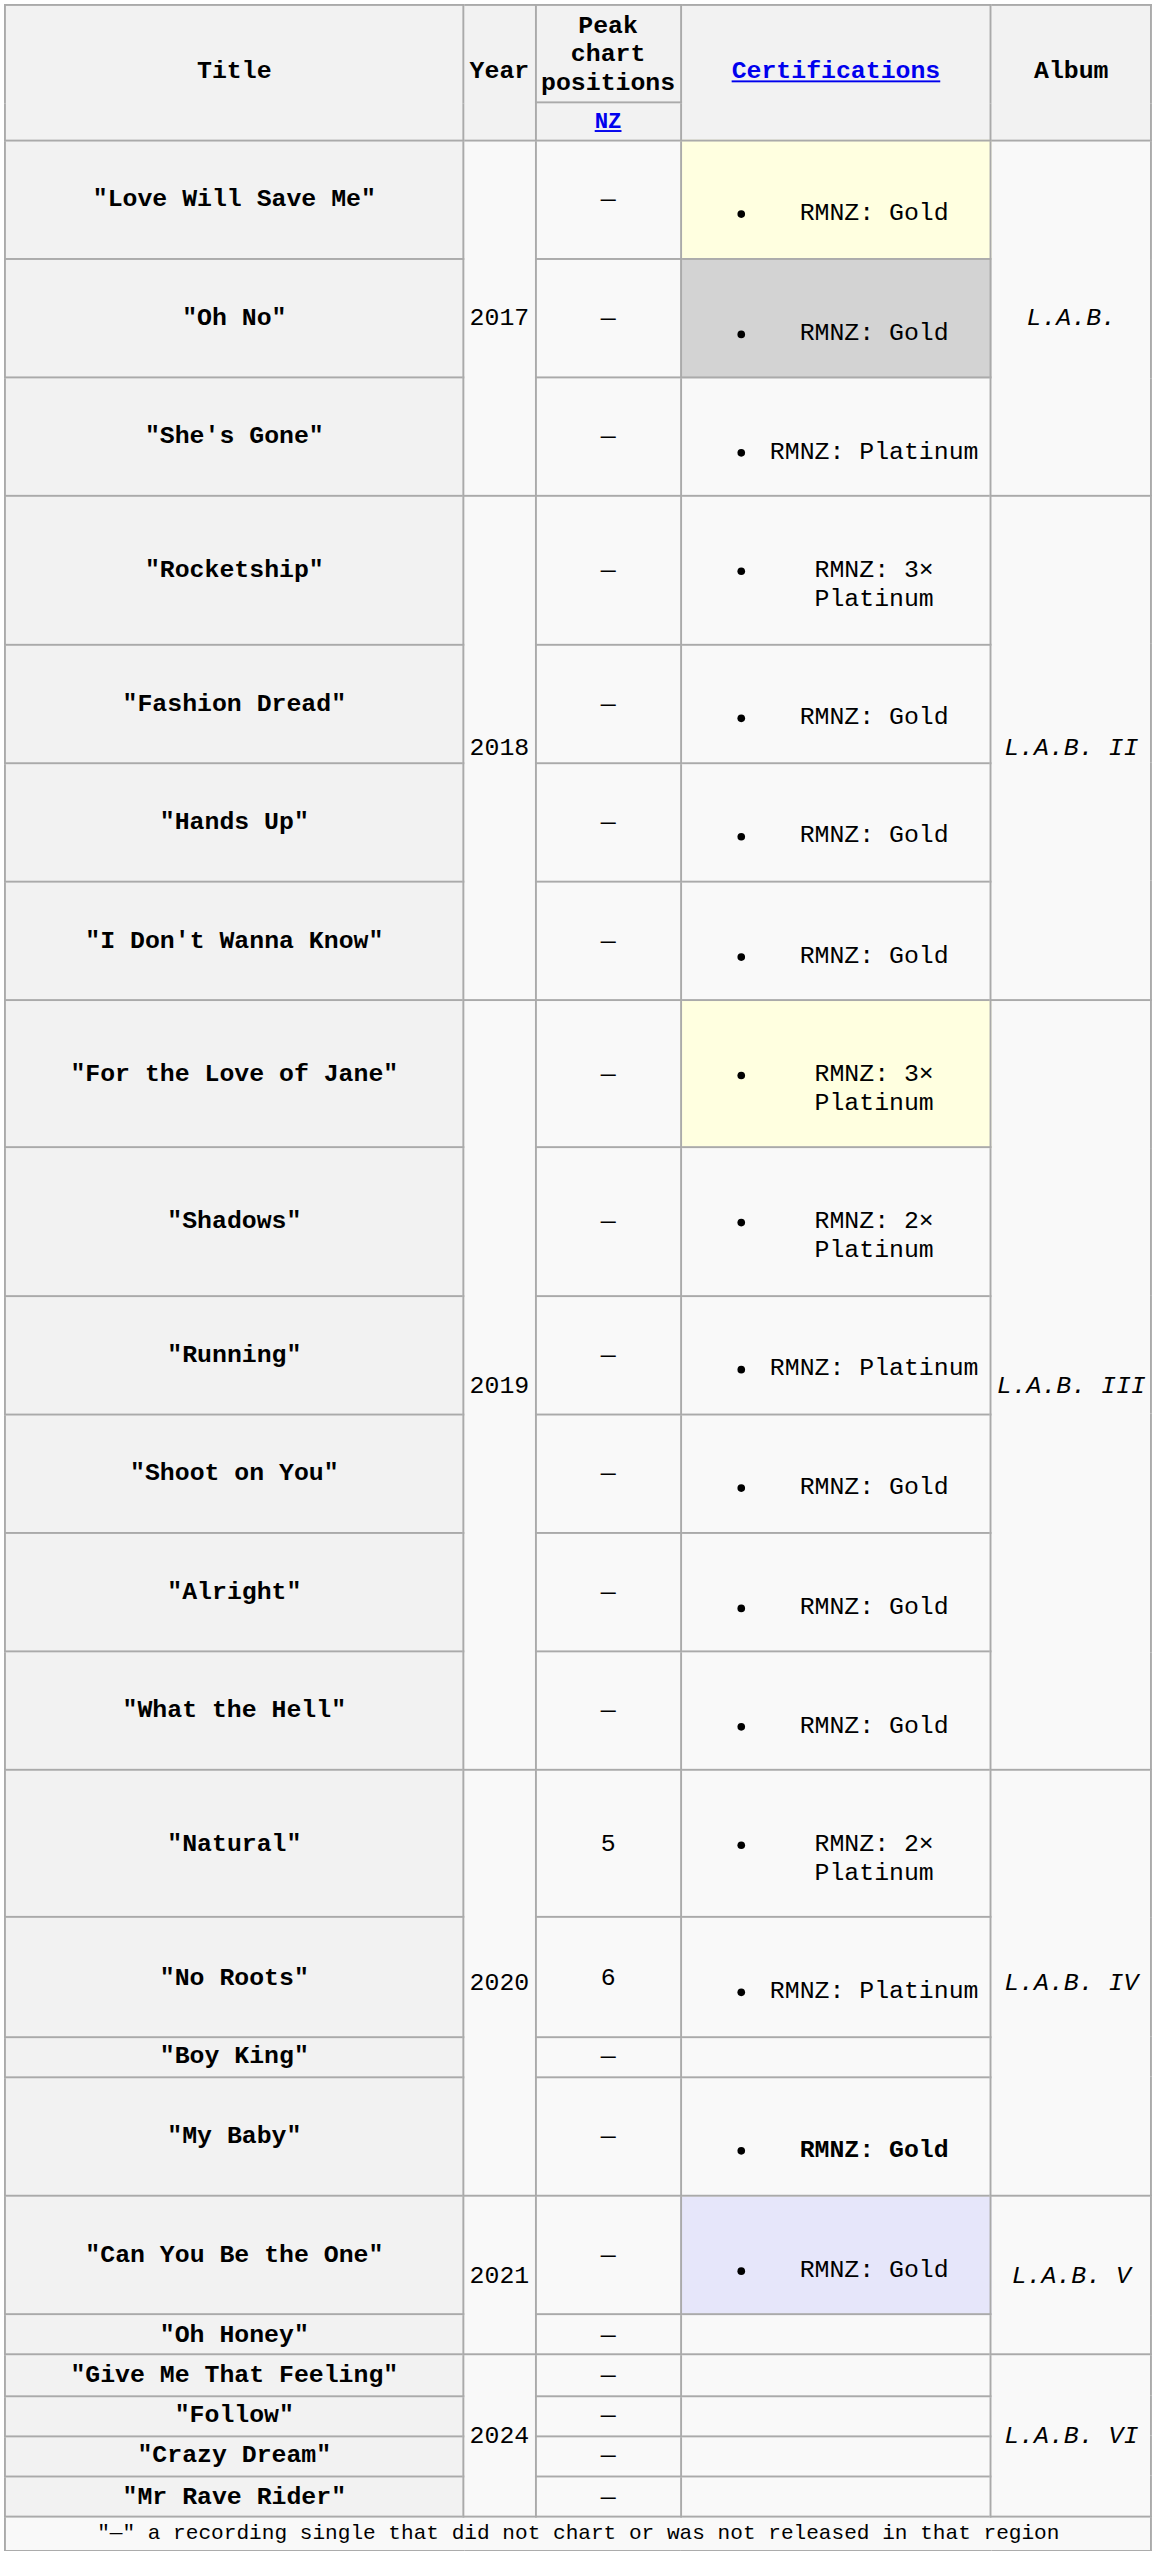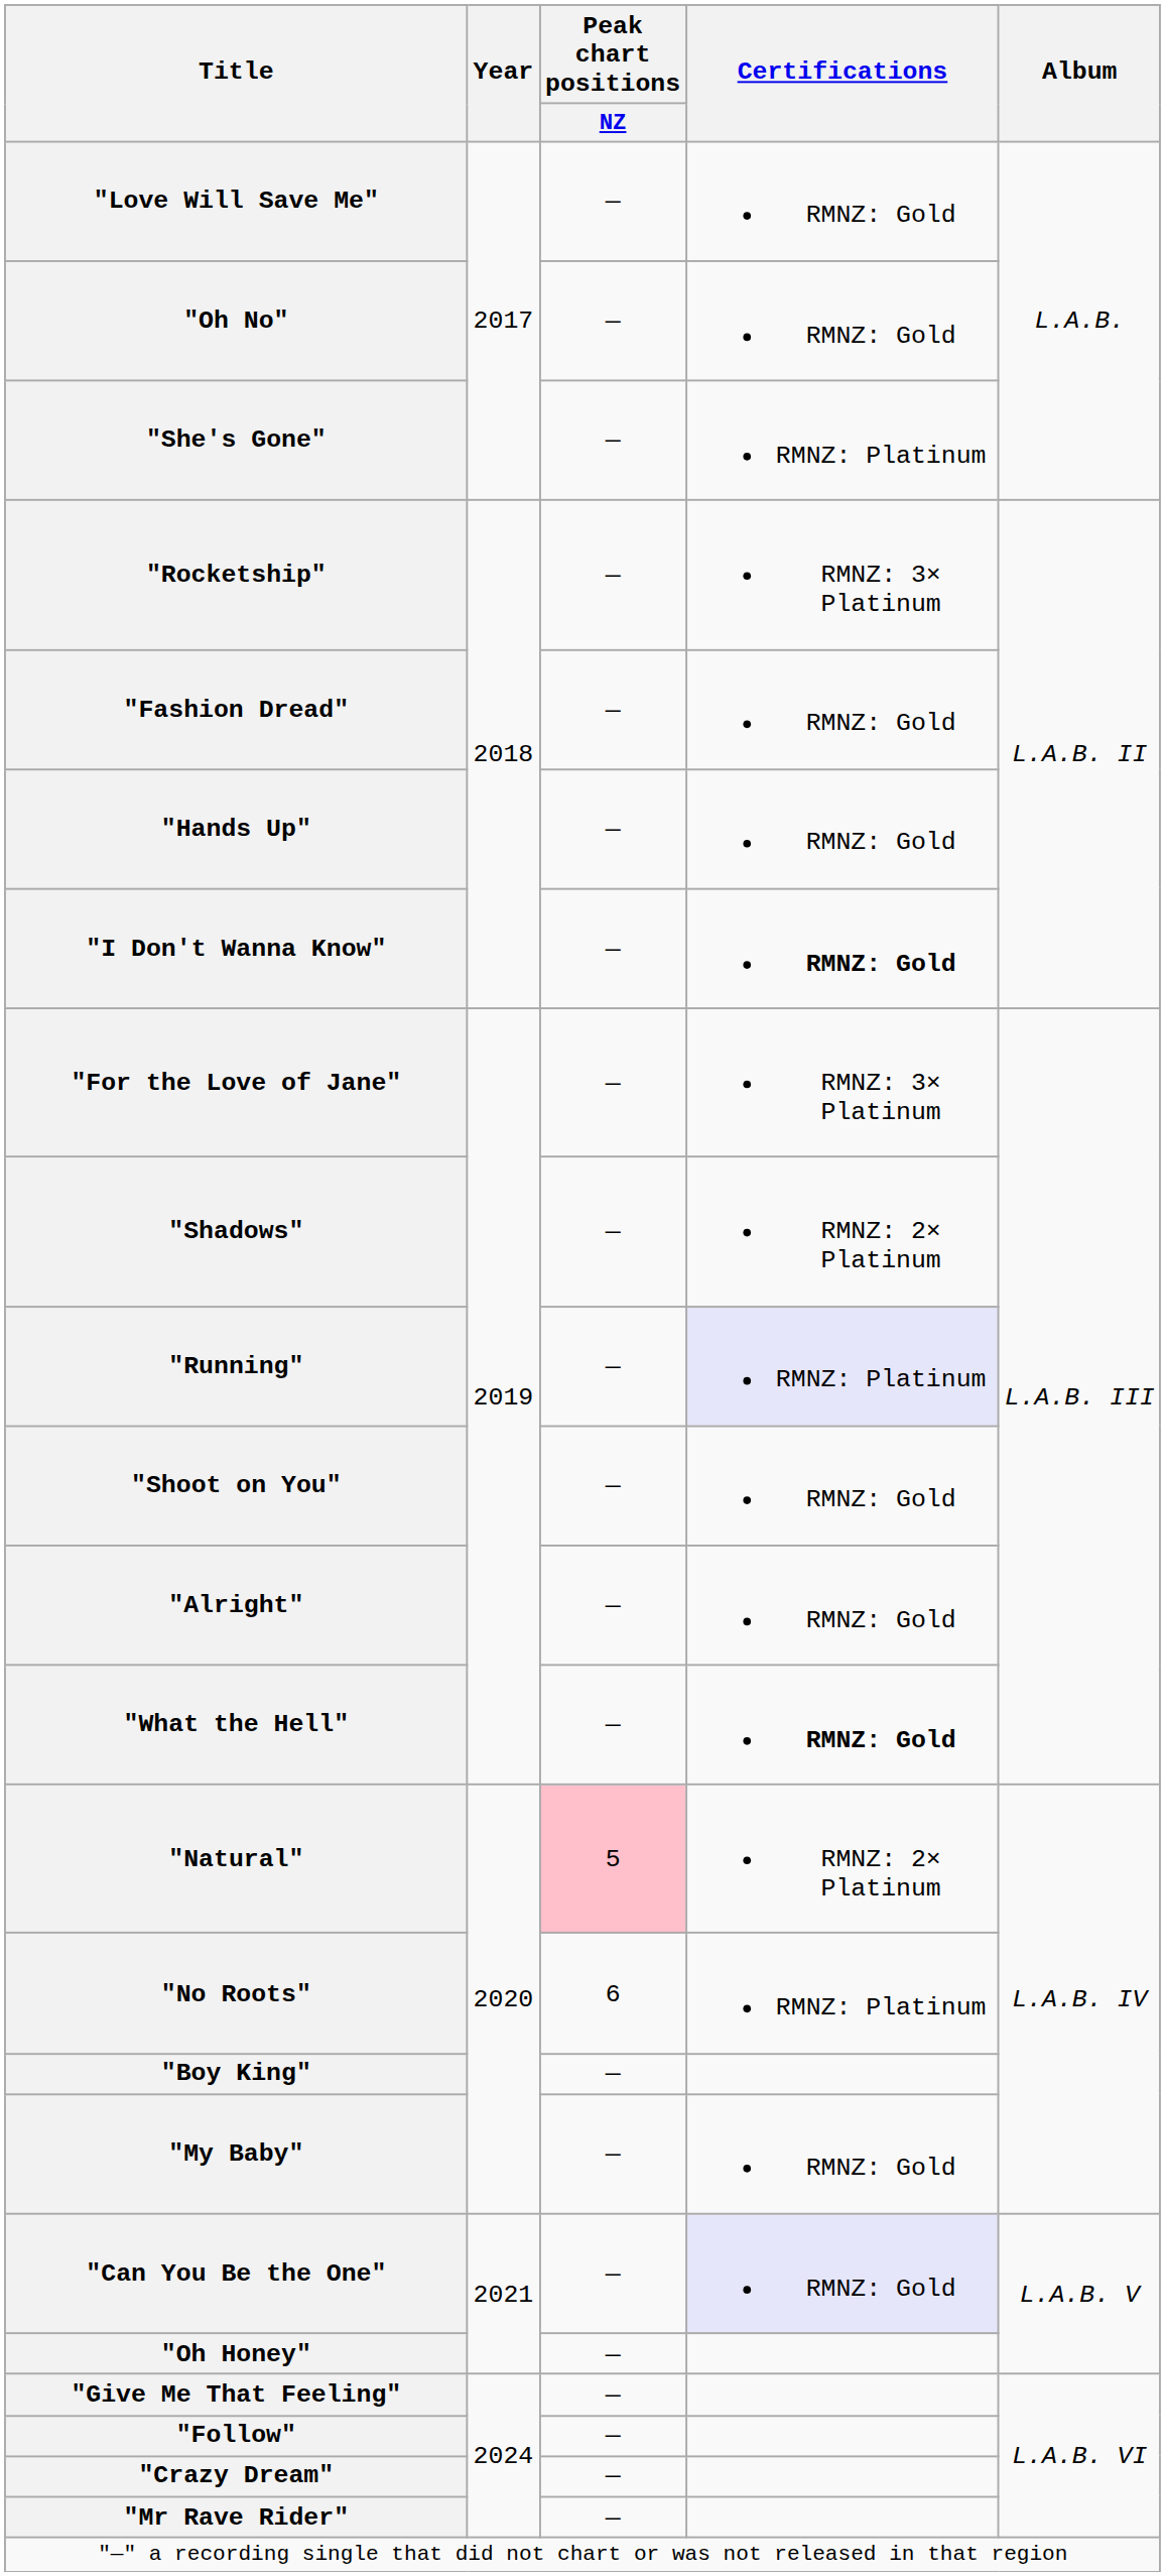 <table class="wikitable plainrowheaders" style="text-align:center;" border="1">
 <tr>
 <th scope="col" rowspan="2" style="width:18em;">Title</th>
 <th scope="col" rowspan="2">Year</th>
 <th scope="col" colspan="1">Peak chart positions</th>
 <th scope="col" rowspan="2" style="width:12em;"><a href='#'>Certifications</a></th>
 <th scope="col" rowspan="2">Album</th>
 </tr>
 <tr>
 <th scope="col" style="width:3em;font-size:90%;"><a href='#'>NZ</a><br></th>
 </tr>
 <tr>
 <th scope="row">"Love Will Save Me"</th>
 <td rowspan=3>2017</td>
 <td>—</td>
-<td style="background: lightyellow;"><br><ul><li>RMNZ: Gold</li></ul></td>
+<td><br><ul><li>RMNZ: Gold</li></ul></td>
 <td rowspan=3><em>L.A.B.</em></td>
 </tr>
 <tr>
 <th scope="row">"Oh No"</th>
 <td>—</td>
-<td style="background: lightgrey;"><br><ul><li>RMNZ: Gold</li></ul></td>
+<td><br><ul><li>RMNZ: Gold</li></ul></td>
 </tr>
 <tr>
 <th scope="row">"She's Gone"</th>
 <td>—</td>
 <td><br><ul><li>RMNZ: Platinum</li></ul></td>
 </tr>
 <tr>
 <th scope="row">"Rocketship"</th>
 <td rowspan="4">2018</td>
 <td>—</td>
 <td><br><ul><li>RMNZ: 3× Platinum</li></ul></td>
 <td rowspan="4"><em>L.A.B. II</em></td>
 </tr>
 <tr>
 <th scope="row">"Fashion Dread"</th>
 <td>—</td>
 <td><br><ul><li>RMNZ: Gold</li></ul></td>
 </tr>
 <tr>
 <th scope="row">"Hands Up"</th>
 <td>—</td>
 <td><br><ul><li>RMNZ: Gold</li></ul></td>
 </tr>
 <tr>
 <th scope="row">"I Don't Wanna Know"</th>
 <td>—</td>
-<td><br><ul><li>RMNZ: Gold</li></ul></td>
+<td><strong><br><ul><li>RMNZ: Gold</li></ul></strong></td>
 </tr>
 <tr>
 <th scope="row">"For the Love of Jane"</th>
 <td rowspan="6">2019</td>
 <td>—</td>
-<td style="background: lightyellow;"><br><ul><li>RMNZ: 3× Platinum</li></ul></td>
+<td><br><ul><li>RMNZ: 3× Platinum</li></ul></td>
 <td rowspan="6"><em>L.A.B. III</em></td>
 </tr>
 <tr>
 <th scope="row">"Shadows"</th>
 <td>—</td>
 <td><br><ul><li>RMNZ: 2× Platinum</li></ul></td>
 </tr>
 <tr>
 <th scope="row">"Running"</th>
 <td>—</td>
-<td><br><ul><li>RMNZ: Platinum</li></ul></td>
+<td style="background: lavender;"><br><ul><li>RMNZ: Platinum</li></ul></td>
 </tr>
 <tr>
 <th scope="row">"Shoot on You"</th>
 <td>—</td>
 <td><br><ul><li>RMNZ: Gold</li></ul></td>
 </tr>
 <tr>
 <th scope="row">"Alright"</th>
 <td>—</td>
 <td><br><ul><li>RMNZ: Gold</li></ul></td>
 </tr>
 <tr>
 <th scope="row">"What the Hell"</th>
 <td>—</td>
-<td><br><ul><li>RMNZ: Gold</li></ul></td>
+<td><strong><br><ul><li>RMNZ: Gold</li></ul></strong></td>
 </tr>
 <tr>
 <th scope="row">"Natural"</th>
 <td rowspan="4">2020</td>
-<td>5</td>
+<td style="background: pink;">5</td>
 <td><br><ul><li>RMNZ: 2× Platinum</li></ul></td>
 <td rowspan="4"><em>L.A.B. IV</em></td>
 </tr>
 <tr>
 <th scope="row">"No Roots"</th>
 <td>6</td>
 <td><br><ul><li>RMNZ: Platinum</li></ul></td>
 </tr>
 <tr>
 <th scope="row">"Boy King"</th>
 <td>—</td>
 <td></td>
 </tr>
 <tr>
 <th scope="row">"My Baby"</th>
 <td>—</td>
-<td><strong><br><ul><li>RMNZ: Gold</li></ul></strong></td>
+<td><br><ul><li>RMNZ: Gold</li></ul></td>
 </tr>
 <tr>
 <th scope="row">"Can You Be the One"</th>
 <td rowspan="2">2021</td>
 <td>—</td>
 <td style="background: lavender;"><br><ul><li>RMNZ: Gold</li></ul></td>
 <td rowspan="2"><em>L.A.B. V</em></td>
 </tr>
 <tr>
 <th scope="row">"Oh Honey"</th>
 <td>—</td>
 <td></td>
 </tr>
 <tr>
 <th scope="row">"Give Me That Feeling"</th>
 <td rowspan="4">2024</td>
 <td>—</td>
 <td></td>
 <td rowspan="4"><em>L.A.B. VI</em></td>
 </tr>
 <tr>
 <th scope="row">"Follow"</th>
 <td>—</td>
 <td></td>
 </tr>
 <tr>
 <th scope="row">"Crazy Dream"</th>
 <td>—</td>
 <td></td>
 </tr>
 <tr>
 <th scope="row">"Mr Rave Rider"</th>
 <td>—</td>
 <td></td>
 </tr>
 <tr>
 <td colspan="15" style="font-size:85%">"—" a recording single that did not chart or was not released in that region</td>
 </tr>
 </table>
